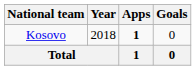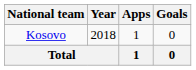 <table class="wikitable" style="text-align:center">
 <tr>
 <th>National team</th>
 <th>Year</th>
 <th>Apps</th>
 <th>Goals</th>
 </tr>
 <tr>
 <td><a href='#'>Kosovo</a></td>
 <td>2018</td>
-<td><strong>1</strong></td>
+<td>1</td>
 <td>0</td>
 </tr>
 <tr>
 <th colspan="2">Total</th>
 <th>1</th>
 <th>0</th>
 </tr>
 </table>
